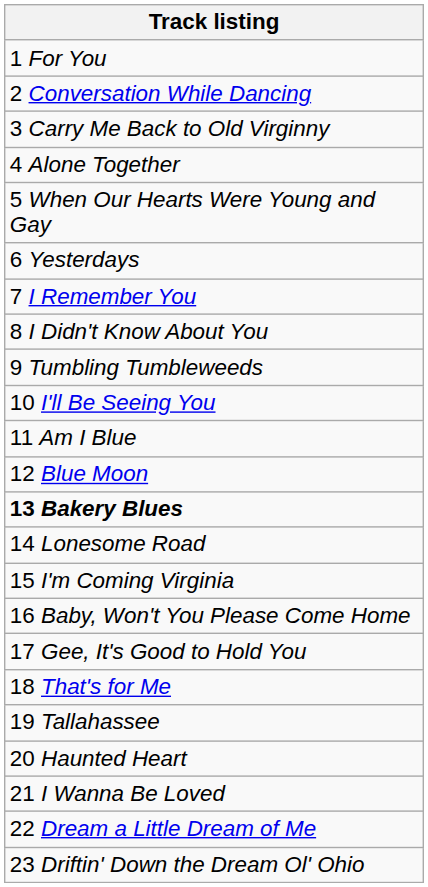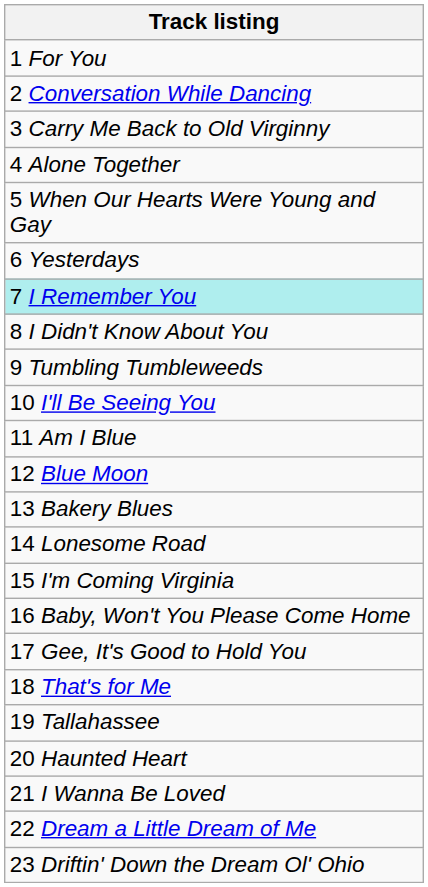 <table class="wikitable collapsible collapsed" style="width:300px;">
 <tr>
 <th>Track listing</th>
 </tr>
 <tr>
 <td>1 <em>For You</em></td>
 </tr>
 <tr>
 <td>2 <em><a href='#'>Conversation While Dancing</a></em></td>
 </tr>
 <tr>
 <td>3 <em>Carry Me Back to Old Virginny</em></td>
 </tr>
 <tr>
 <td>4 <em>Alone Together</em></td>
 </tr>
 <tr>
 <td>5 <em>When Our Hearts Were Young and Gay</em></td>
 </tr>
 <tr>
 <td>6 <em>Yesterdays</em></td>
 </tr>
 <tr>
-<td>7 <em><a href='#'>I Remember You</a></em></td>
+<td style="background: paleturquoise;">7 <em><a href='#'>I Remember You</a></em></td>
 </tr>
 <tr>
 <td>8 <em>I Didn't Know About You</em></td>
 </tr>
 <tr>
 <td>9 <em>Tumbling Tumbleweeds</em></td>
 </tr>
 <tr>
 <td>10 <em><a href='#'>I'll Be Seeing You</a></em></td>
 </tr>
 <tr>
 <td>11 <em>Am I Blue</em></td>
 </tr>
 <tr>
 <td>12 <em><a href='#'>Blue Moon</a></em></td>
 </tr>
 <tr>
-<td><strong>13 <em>Bakery Blues</em></strong></td>
+<td>13 <em>Bakery Blues</em></td>
 </tr>
 <tr>
 <td>14 <em>Lonesome Road</em></td>
 </tr>
 <tr>
 <td>15 <em>I'm Coming Virginia</em></td>
 </tr>
 <tr>
 <td>16 <em>Baby, Won't You Please Come Home</em></td>
 </tr>
 <tr>
 <td>17 <em>Gee, It's Good to Hold You</em></td>
 </tr>
 <tr>
 <td>18 <em><a href='#'>That's for Me</a></em></td>
 </tr>
 <tr>
 <td>19 <em>Tallahassee</em></td>
 </tr>
 <tr>
 <td>20 <em>Haunted Heart</em></td>
 </tr>
 <tr>
 <td>21 <em>I Wanna Be Loved</em></td>
 </tr>
 <tr>
 <td>22 <em><a href='#'>Dream a Little Dream of Me</a></em></td>
 </tr>
 <tr>
 <td>23 <em>Driftin' Down the Dream Ol' Ohio</em></td>
 </tr>
 </table>
